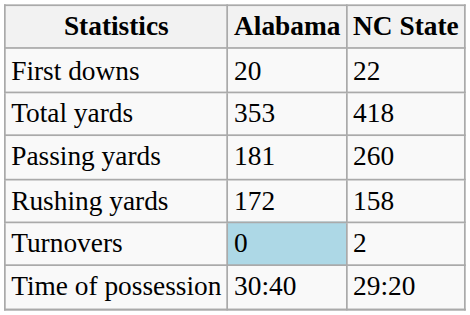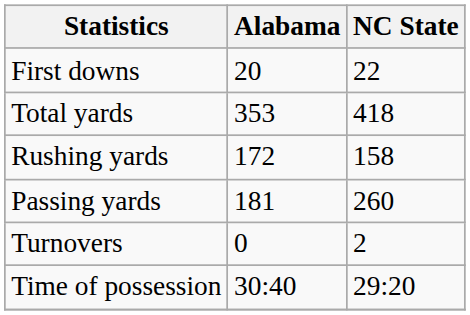 <table class="wikitable" style="float: left;">
 <tr>
 <th>Statistics</th>
 <th>Alabama</th>
 <th>NC State</th>
 </tr>
 <tr>
 <td>First downs</td>
 <td>20</td>
 <td>22</td>
 </tr>
 <tr>
 <td>Total yards</td>
 <td>353</td>
 <td>418</td>
 </tr>
 <tr>
+<td>Rushing yards</td>
+<td>172</td>
+<td>158</td>
+</tr>
+<tr>
 <td>Passing yards</td>
 <td>181</td>
 <td>260</td>
 </tr>
 <tr>
-<td>Rushing yards</td>
-<td>172</td>
-<td>158</td>
-</tr>
-<tr>
 <td>Turnovers</td>
-<td style="background: lightblue;">0</td>
+<td>0</td>
 <td>2</td>
 </tr>
 <tr>
 <td>Time of possession</td>
 <td>30:40</td>
 <td>29:20</td>
 </tr>
 <tr>
 </tr>
 </table>
